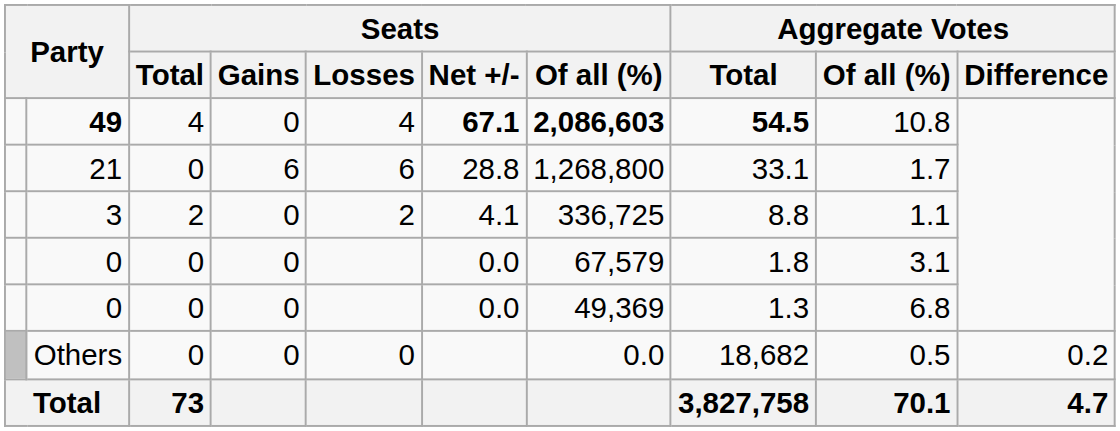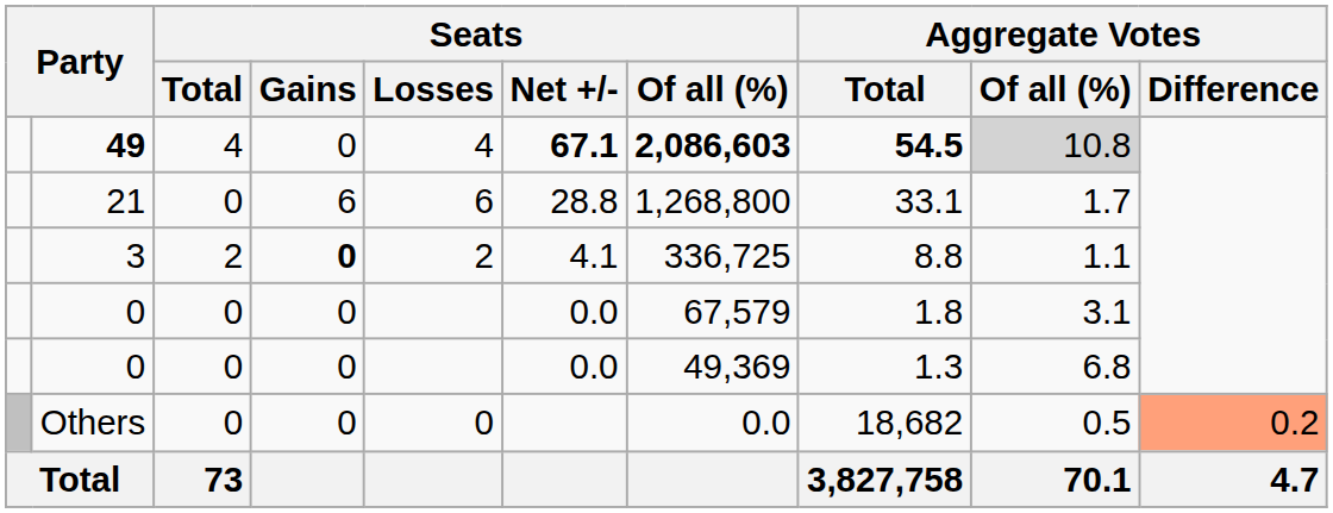 <table class="wikitable sortable" style="text-align:right; font-size:95%;">
 <tr>
 <th colspan="2" rowspan="2">Party</th>
 <th colspan="5">Seats</th>
 <th colspan="3">Aggregate Votes</th>
 </tr>
 <tr>
 <th>Total</th>
 <th>Gains</th>
 <th>Losses</th>
 <th>Net +/-</th>
 <th>Of all (%)</th>
 <th>Total</th>
 <th>Of all (%)</th>
 <th>Difference</th>
 </tr>
 <tr>
 <td></td>
 <td><strong>49</strong></td>
 <td>4</td>
 <td>0</td>
 <td>4</td>
 <td><strong>67.1</strong></td>
 <td><strong>2,086,603</strong></td>
 <td><strong>54.5</strong></td>
-<td>10.8</td>
+<td style="background: lightgrey;">10.8</td>
 </tr>
 <tr>
 <td></td>
 <td>21</td>
 <td>0</td>
 <td>6</td>
 <td>6</td>
 <td>28.8</td>
 <td>1,268,800</td>
 <td>33.1</td>
 <td>1.7</td>
 </tr>
 <tr>
 <td></td>
 <td>3</td>
 <td>2</td>
-<td>0</td>
+<td><strong>0</strong></td>
 <td>2</td>
 <td>4.1</td>
 <td>336,725</td>
 <td>8.8</td>
 <td>1.1</td>
 </tr>
 <tr>
 <td></td>
 <td>0</td>
 <td>0</td>
 <td>0</td>
 <td></td>
 <td>0.0</td>
 <td>67,579</td>
 <td>1.8</td>
 <td>3.1</td>
 </tr>
 <tr>
 <td></td>
 <td>0</td>
 <td>0</td>
 <td>0</td>
 <td></td>
 <td>0.0</td>
 <td>49,369</td>
 <td>1.3</td>
 <td>6.8</td>
 </tr>
 <tr>
 <td style="background:silver;"> </td>
 <td align=left>Others</td>
 <td>0</td>
 <td>0</td>
 <td>0</td>
 <td></td>
 <td>0.0</td>
 <td>18,682</td>
 <td>0.5</td>
-<td>0.2</td>
+<td style="background: lightsalmon;">0.2</td>
 </tr>
 <tr class="sortbottom">
 <th colspan="2" style="background:#f2f2f2">Total</th>
 <td style="background:#f2f2f2;"><strong>73</strong></td>
 <td style="background:#f2f2f2;"></td>
 <td style="background:#f2f2f2;"></td>
 <td style="background:#f2f2f2;"></td>
 <td style="background:#f2f2f2;"></td>
 <td style="background:#f2f2f2;"><strong>3,827,758</strong></td>
 <td style="background:#f2f2f2;"><strong>70.1</strong></td>
 <td style="background:#f2f2f2;"><strong>4.7</strong></td>
 </tr>
 </table>
